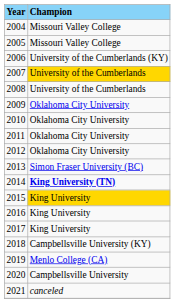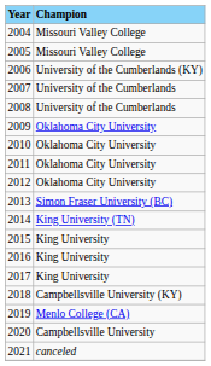 <table class="wikitable" style="font-size:85%;">
 <tr ! style="background-color: #87D3F8;">
 <td><strong>Year</strong></td>
 <td><strong>Champion</strong></td>
 </tr>
 <tr --->
 <td>2004</td>
 <td>Missouri Valley College</td>
 </tr>
 <tr --->
 <td>2005</td>
 <td>Missouri Valley College</td>
 </tr>
 <tr --->
 <td>2006</td>
 <td>University of the Cumberlands (KY)</td>
 </tr>
 <tr --->
 <td>2007</td>
-<td style="background: gold;">University of the Cumberlands</td>
+<td>University of the Cumberlands</td>
 </tr>
 <tr --->
 <td>2008</td>
 <td>University of the Cumberlands</td>
 </tr>
 <tr --->
 <td>2009</td>
 <td><a href='#'>Oklahoma City University</a></td>
 </tr>
 <tr --->
 <td>2010</td>
 <td>Oklahoma City University</td>
 </tr>
 <tr --->
 <td>2011</td>
 <td>Oklahoma City University</td>
 </tr>
 <tr --->
 <td>2012</td>
 <td>Oklahoma City University</td>
 </tr>
 <tr --->
 <td>2013</td>
 <td><a href='#'>Simon Fraser University (BC)</a></td>
 </tr>
 <tr --->
 <td>2014</td>
-<td><strong><a href='#'>King University (TN)</a></strong></td>
+<td><a href='#'>King University (TN)</a></td>
 </tr>
 <tr --->
 <td>2015</td>
-<td style="background: gold;">King University</td>
+<td>King University</td>
 </tr>
 <tr --->
 <td>2016</td>
 <td>King University</td>
 </tr>
 <tr --->
 <td>2017</td>
 <td>King University</td>
 </tr>
 <tr --->
 <td>2018</td>
 <td>Campbellsville University (KY)</td>
 </tr>
 <tr --->
 <td>2019</td>
 <td><a href='#'>Menlo College (CA)</a></td>
 </tr>
 <tr --->
 <td>2020</td>
 <td>Campbellsville University</td>
 </tr>
 <tr --->
 <td>2021</td>
 <td><em>canceled</em></td>
 </tr>
 <tr --->
 </tr>
 </table>
